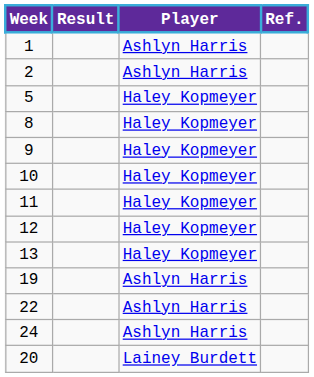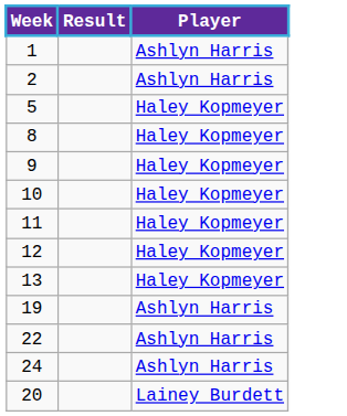 <table class="wikitable" style="text-align:center;">
 <tr>
 <th style="background:#5E299A; color:white; border:2px solid #3aadd9;">Week</th>
 <th style="background:#5E299A; color:white; border:2px solid #3aadd9;">Result</th>
 <th style="background:#5E299A; color:white; border:2px solid #3aadd9;">Player</th>
-<th style="background:#5E299A; color:white; border:2px solid #3aadd9;">Ref.</th>
 </tr>
 <tr>
 <td>1</td>
 <td></td>
 <td align="left"> <a href='#'>Ashlyn Harris</a></td>
-<td></td>
 </tr>
 <tr>
 <td>2</td>
 <td></td>
 <td align="left"> <a href='#'>Ashlyn Harris</a></td>
-<td></td>
 </tr>
 <tr>
 <td>5</td>
 <td></td>
 <td align="left"> <a href='#'>Haley Kopmeyer</a></td>
-<td></td>
 </tr>
 <tr>
 <td>8</td>
 <td></td>
 <td align="left"> <a href='#'>Haley Kopmeyer</a></td>
-<td></td>
 </tr>
 <tr>
 <td>9</td>
 <td></td>
 <td align="left"> <a href='#'>Haley Kopmeyer</a></td>
-<td></td>
 </tr>
 <tr>
 <td>10</td>
 <td></td>
 <td align="left"> <a href='#'>Haley Kopmeyer</a></td>
-<td></td>
 </tr>
 <tr>
 <td>11</td>
 <td></td>
 <td align="left"> <a href='#'>Haley Kopmeyer</a></td>
-<td></td>
 </tr>
 <tr>
 <td>12</td>
 <td></td>
 <td align="left"> <a href='#'>Haley Kopmeyer</a></td>
-<td></td>
 </tr>
 <tr>
 <td>13</td>
 <td></td>
 <td align="left"> <a href='#'>Haley Kopmeyer</a></td>
-<td></td>
 </tr>
 <tr>
 <td>19</td>
 <td></td>
 <td align="left"> <a href='#'>Ashlyn Harris</a></td>
-<td></td>
 </tr>
 <tr>
 <td>22</td>
 <td></td>
 <td align="left"> <a href='#'>Ashlyn Harris</a></td>
-<td></td>
 </tr>
 <tr>
 <td>24</td>
 <td></td>
 <td align="left"> <a href='#'>Ashlyn Harris</a></td>
-<td></td>
 </tr>
 <tr>
 <td>20</td>
 <td></td>
 <td align="left"> <a href='#'>Lainey Burdett</a></td>
-<td></td>
 </tr>
 </table>
